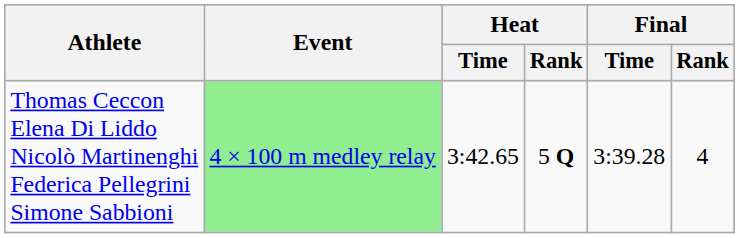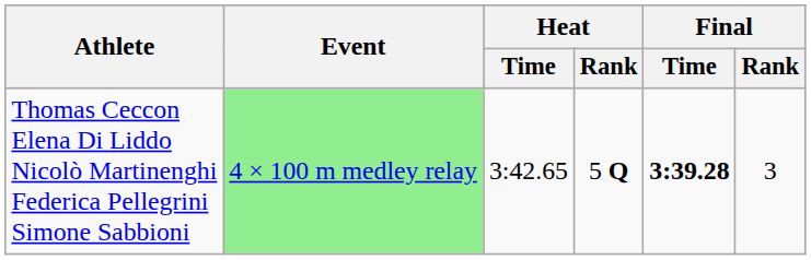 <table class=wikitable style="font-size:90%">
 <tr>
 <th rowspan="2">Athlete</th>
 <th rowspan="2">Event</th>
 <th colspan="2">Heat</th>
 <th colspan="2">Final</th>
 </tr>
 <tr style="font-size:95%">
 <th>Time</th>
 <th>Rank</th>
 <th>Time</th>
 <th>Rank</th>
 </tr>
 <tr align=center>
 <td align=left><a href='#'>Thomas Ceccon</a><br><a href='#'>Elena Di Liddo</a><br><a href='#'>Nicolò Martinenghi</a><br><a href='#'>Federica Pellegrini</a><br><a href='#'>Simone Sabbioni</a></td>
 <td align=left style="background: lightgreen;"><a href='#'>4 × 100 m medley relay</a></td>
 <td>3:42.65</td>
 <td>5 <strong>Q</strong></td>
-<td>3:39.28</td>
-<td>4</td>
+<td><strong>3:39.28</strong></td>
+<td>3</td>
 </tr>
 </table>
